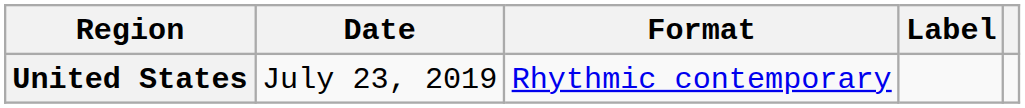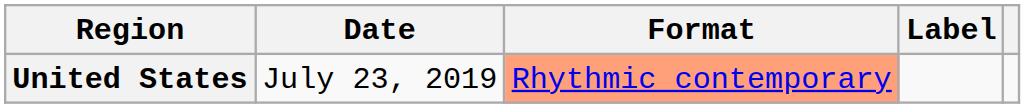 <table class="wikitable plainrowheaders">
 <tr>
 <th>Region</th>
 <th>Date</th>
 <th>Format</th>
 <th>Label</th>
 <th></th>
 </tr>
 <tr>
 <th scope="row" rowspan="2">United States</th>
 <td>July 23, 2019</td>
-<td><a href='#'>Rhythmic contemporary</a></td>
+<td style="background: lightsalmon;"><a href='#'>Rhythmic contemporary</a></td>
 <td rowspan="2"></td>
 <td></td>
 </tr>
 </table>
